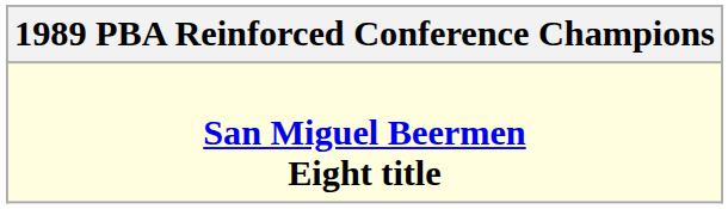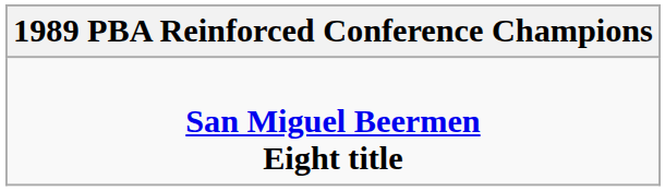 <table class=wikitable style="text-align:center; margin:auto">
 <tr>
 <th>1989 PBA Reinforced Conference Champions</th>
 </tr>
 <tr>
-<td style="background: lightyellow;"><br> <strong><a href='#'>San Miguel Beermen</a></strong> <br> <strong>Eight title</strong></td>
+<td><br> <strong><a href='#'>San Miguel Beermen</a></strong> <br> <strong>Eight title</strong></td>
 </tr>
 </table>
